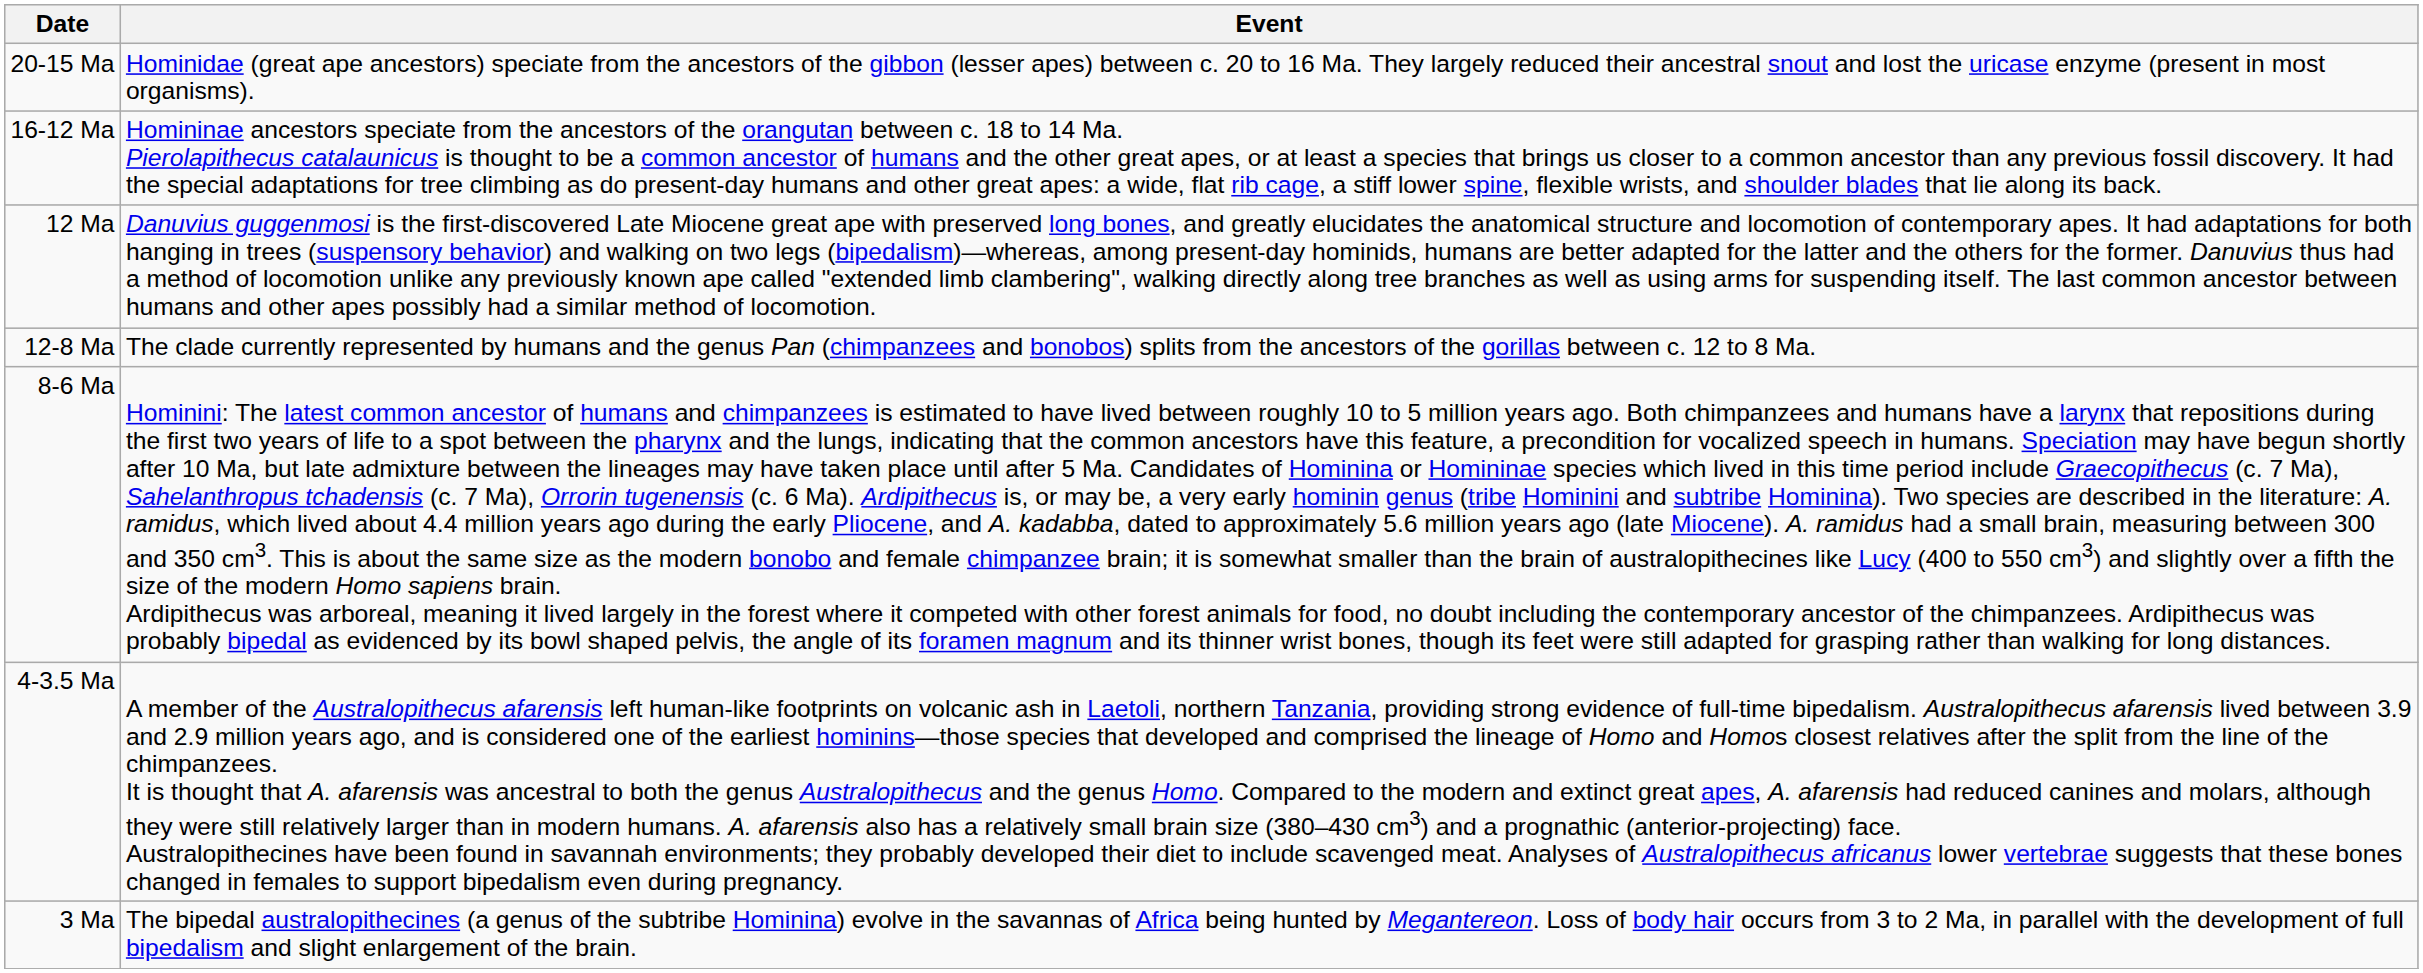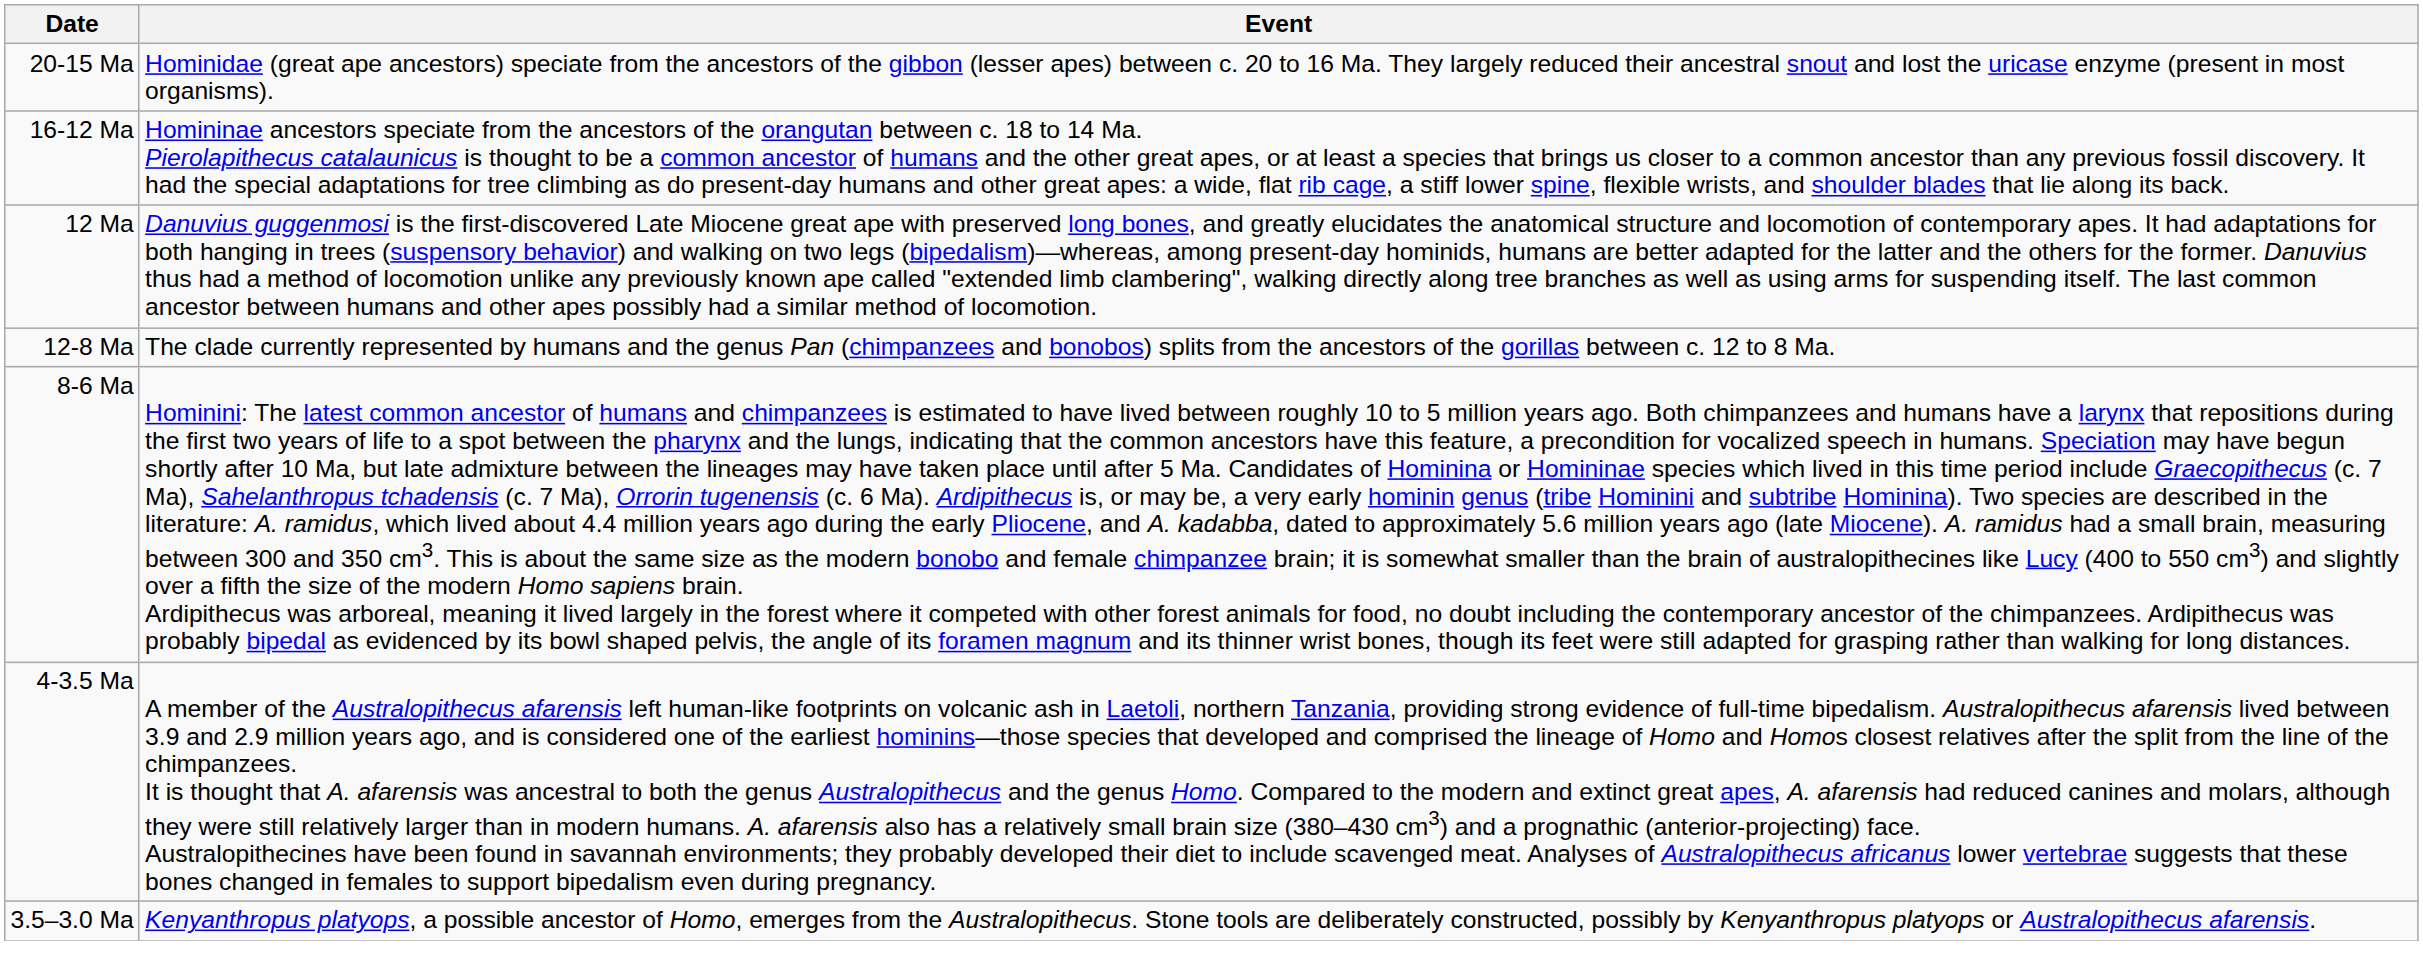 <table class="wikitable">
 <tr>
 <th scope="col">Date</th>
 <th scope="col">Event</th>
 </tr>
 <tr>
 <td style="vertical-align: top; text-align: right; white-space: nowrap;">20-15 Ma</td>
 <td><a href='#'>Hominidae</a> (great ape ancestors) speciate from the ancestors of the <a href='#'>gibbon</a> (lesser apes) between c. 20 to 16 Ma. They largely reduced their ancestral <a href='#'>snout</a> and lost the <a href='#'>uricase</a> enzyme (present in most organisms).</td>
 </tr>
 <tr>
 <td style="vertical-align: top; text-align: right; white-space: nowrap;">16-12 Ma</td>
 <td><a href='#'>Homininae</a> ancestors speciate from the ancestors of the <a href='#'>orangutan</a> between c. 18 to 14 Ma.<br><em><a href='#'>Pierolapithecus catalaunicus</a></em> is thought to be a <a href='#'>common ancestor</a> of <a href='#'>humans</a> and the other great apes, or at least a species that brings us closer to a common ancestor than any previous fossil discovery. It had the special adaptations for tree climbing as do present-day humans and other great apes: a wide, flat <a href='#'>rib cage</a>, a stiff lower <a href='#'>spine</a>, flexible wrists, and <a href='#'>shoulder blades</a> that lie along its back.</td>
 </tr>
 <tr>
 <td style="vertical-align: top; text-align: right; white-space: nowrap;">12 Ma</td>
 <td><em><a href='#'>Danuvius guggenmosi</a></em> is the first-discovered Late Miocene great ape with preserved <a href='#'>long bones</a>, and greatly elucidates the anatomical structure and locomotion of contemporary apes. It had adaptations for both hanging in trees (<a href='#'>suspensory behavior</a>) and walking on two legs (<a href='#'>bipedalism</a>)—whereas, among present-day hominids, humans are better adapted for the latter and the others for the former. <em>Danuvius</em> thus had a method of locomotion unlike any previously known ape called "extended limb clambering", walking directly along tree branches as well as using arms for suspending itself. The last common ancestor between humans and other apes possibly had a similar method of locomotion.</td>
 </tr>
 <tr>
 <td style="vertical-align: top; text-align: right; white-space: nowrap;">12-8 Ma</td>
 <td>The clade currently represented by humans and the genus <em>Pan</em> (<a href='#'>chimpanzees</a> and <a href='#'>bonobos</a>) splits from the ancestors of the <a href='#'>gorillas</a> between c. 12 to 8 Ma.</td>
 </tr>
 <tr>
 <td style="vertical-align: top; text-align: right; white-space: nowrap;">8-6 Ma</td>
 <td><br><a href='#'>Hominini</a>: The <a href='#'>latest common ancestor</a> of <a href='#'>humans</a> and <a href='#'>chimpanzees</a> is estimated to have lived between roughly 10 to 5 million years ago. Both chimpanzees and humans have a <a href='#'>larynx</a> that repositions during the first two years of life to a spot between the <a href='#'>pharynx</a> and the lungs, indicating that the common ancestors have this feature, a precondition for vocalized speech in humans. <a href='#'>Speciation</a> may have begun shortly after 10 Ma, but late admixture between the lineages may have taken place until after 5 Ma. Candidates of <a href='#'>Hominina</a> or <a href='#'>Homininae</a> species which lived in this time period include <em><a href='#'>Graecopithecus</a></em> (c. 7 Ma), <em><a href='#'>Sahelanthropus tchadensis</a></em> (c. 7 Ma), <em><a href='#'>Orrorin tugenensis</a></em> (c. 6 Ma). <em><a href='#'>Ardipithecus</a></em> is, or may be, a very early <a href='#'>hominin</a> <a href='#'>genus</a> (<a href='#'>tribe</a> <a href='#'>Hominini</a> and <a href='#'>subtribe</a> <a href='#'>Hominina</a>). Two species are described in the literature: <em>A. ramidus</em>, which lived about 4.4 million years ago during the early <a href='#'>Pliocene</a>, and <em>A. kadabba</em>, dated to approximately 5.6 million years ago (late <a href='#'>Miocene</a>). <em>A. ramidus</em> had a small brain, measuring between 300 and 350 cm<sup>3</sup>. This is about the same size as the modern <a href='#'>bonobo</a> and female <a href='#'>chimpanzee</a> brain; it is somewhat smaller than the brain of australopithecines like <a href='#'>Lucy</a> (400 to 550 cm<sup>3</sup>) and slightly over a fifth the size of the modern <em>Homo sapiens</em> brain.<br>Ardipithecus was arboreal, meaning it lived largely in the forest where it competed with other forest animals for food, no doubt including the contemporary ancestor of the chimpanzees. Ardipithecus was probably <a href='#'>bipedal</a> as evidenced by its bowl shaped pelvis, the angle of its <a href='#'>foramen magnum</a> and its thinner wrist bones, though its feet were still adapted for grasping rather than walking for long distances.</td>
 </tr>
 <tr>
 <td style="vertical-align: top; text-align: right; white-space: nowrap;">4-3.5 Ma</td>
 <td><br>A member of the <em><a href='#'>Australopithecus afarensis</a></em> left human-like footprints on volcanic ash in <a href='#'>Laetoli</a>, northern <a href='#'>Tanzania</a>, providing strong evidence of full-time bipedalism. <em>Australopithecus afarensis</em> lived between 3.9 and 2.9 million years ago, and is considered one of the earliest <a href='#'>hominins</a>—those species that developed and comprised the lineage of <em>Homo</em> and <em>Homo</em>s closest relatives after the split from the line of the chimpanzees.<br>It is thought that <em>A. afarensis</em> was ancestral to both the genus <em><a href='#'>Australopithecus</a></em> and the genus <em><a href='#'>Homo</a></em>. Compared to the modern and extinct great <a href='#'>apes</a>, <em>A. afarensis</em> had reduced canines and molars, although they were still relatively larger than in modern humans. <em>A. afarensis</em> also has a relatively small brain size (380–430 cm<sup>3</sup>) and a prognathic (anterior-projecting) face.<br>Australopithecines have been found in savannah environments; they probably developed their diet to include scavenged meat.  Analyses of <em><a href='#'>Australopithecus africanus</a></em> lower <a href='#'>vertebrae</a> suggests that these bones changed in females to support bipedalism even during pregnancy.</td>
 </tr>
 <tr>
-<td style="vertical-align: top; text-align: right; white-space: nowrap;">3 Ma</td>
-<td>The bipedal <a href='#'>australopithecines</a> (a genus of the subtribe <a href='#'>Hominina</a>) evolve in the savannas of <a href='#'>Africa</a> being hunted by <em><a href='#'>Megantereon</a></em>. Loss of <a href='#'>body hair</a> occurs from 3 to 2 Ma, in parallel with the development of full <a href='#'>bipedalism</a> and slight enlargement of the brain.</td>
+<td style="vertical-align: top; text-align: right; white-space: nowrap;">3.5–3.0 Ma</td>
+<td><em><a href='#'>Kenyanthropus platyops</a></em>, a possible ancestor of <em>Homo</em>, emerges from the <em>Australopithecus</em>. Stone tools are deliberately constructed, possibly by <em>Kenyanthropus platyops</em> or <em><a href='#'>Australopithecus afarensis</a></em>.</td>
 </tr>
 </table>
